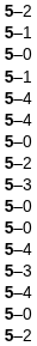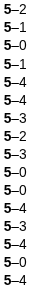 <table width="100%" cellspacing="1">
 <tr>
 <th width=45%></th>
 <th width=10%></th>
 <th width=45%></th>
 </tr>
 <tr>
 <td><strong></strong></td>
 <td align=center><strong>5</strong>–2</td>
 <td></td>
 </tr>
 <tr>
 <td><strong></strong></td>
 <td align=center><strong>5</strong>–1</td>
 <td></td>
 </tr>
 <tr>
 <td><strong></strong></td>
 <td align=center><strong>5</strong>–0</td>
 <td></td>
 </tr>
 <tr>
 <td><strong></strong></td>
 <td align=center><strong>5</strong>–1</td>
 <td></td>
 </tr>
 <tr>
 <td><strong></strong></td>
 <td align=center><strong>5</strong>–4</td>
 <td></td>
 </tr>
 <tr>
 <td><strong></strong></td>
 <td align=center><strong>5</strong>–4</td>
 <td></td>
 </tr>
 <tr>
 <td><strong></strong></td>
-<td align=center><strong>5</strong>–0</td>
+<td align=center><strong>5</strong>–3</td>
 <td></td>
 </tr>
 <tr>
 <td><strong></strong></td>
 <td align=center><strong>5</strong>–2</td>
 <td></td>
 </tr>
 <tr>
 <td><strong></strong></td>
 <td align=center><strong>5</strong>–3</td>
 <td></td>
 </tr>
 <tr>
 <td><strong></strong></td>
 <td align=center><strong>5</strong>–0</td>
 <td></td>
 </tr>
 <tr>
 <td><strong></strong></td>
 <td align=center><strong>5</strong>–0</td>
 <td></td>
 </tr>
 <tr>
 <td><strong></strong></td>
 <td align=center><strong>5</strong>–4</td>
 <td></td>
 </tr>
 <tr>
 <td><strong></strong></td>
 <td align=center><strong>5</strong>–3</td>
 <td></td>
 </tr>
 <tr>
 <td><strong></strong></td>
 <td align=center><strong>5</strong>–4</td>
 <td></td>
 </tr>
 <tr>
 <td><strong></strong></td>
 <td align=center><strong>5</strong>–0</td>
 <td></td>
 </tr>
 <tr>
 <td><strong></strong></td>
-<td align=center><strong>5</strong>–2</td>
+<td align=center><strong>5</strong>–4</td>
 <td></td>
 </tr>
 </table>
